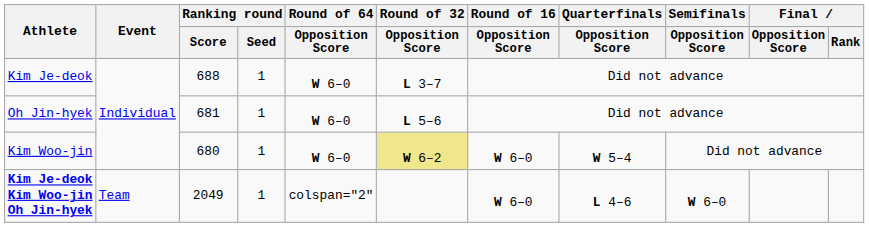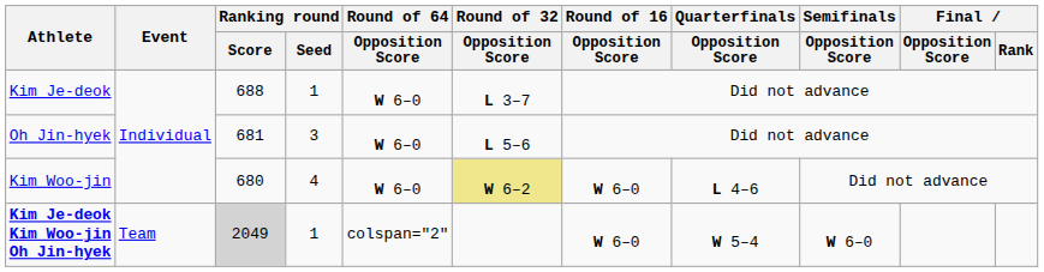 <table class="wikitable" style="font-size:90%; text-align:center">
 <tr>
 <th rowspan="2">Athlete</th>
 <th rowspan="2">Event</th>
 <th colspan="2">Ranking round</th>
 <th>Round of 64</th>
 <th>Round of 32</th>
 <th>Round of 16</th>
 <th>Quarterfinals</th>
 <th>Semifinals</th>
 <th colspan="2">Final / </th>
 </tr>
 <tr style="font-size:95%">
 <th>Score</th>
 <th>Seed</th>
 <th>Opposition<br>Score</th>
 <th>Opposition<br>Score</th>
 <th>Opposition<br>Score</th>
 <th>Opposition<br>Score</th>
 <th>Opposition<br>Score</th>
 <th>Opposition<br>Score</th>
 <th>Rank</th>
 </tr>
 <tr>
 <td style="text-align:left"><a href='#'>Kim Je-deok</a></td>
 <td rowspan="3" style="text-align:left"><a href='#'>Individual</a></td>
 <td>688</td>
 <td>1</td>
 <td><br><strong>W</strong> 6–0</td>
 <td><br><strong>L</strong> 3–7</td>
 <td colspan="5">Did not advance</td>
 </tr>
 <tr>
 <td style="text-align:left"><a href='#'>Oh Jin-hyek</a></td>
 <td>681</td>
-<td>1</td>
+<td>3</td>
 <td><br> <strong>W</strong> 6–0</td>
 <td><br><strong>L</strong> 5–6</td>
 <td colspan="5">Did not advance</td>
 </tr>
 <tr>
 <td style="text-align:left"><a href='#'>Kim Woo-jin</a></td>
 <td>680</td>
-<td>1</td>
+<td>4</td>
 <td><br><strong>W</strong> 6–0</td>
 <td style="background: khaki;"><br><strong>W</strong> 6–2</td>
 <td><br><strong>W</strong> 6–0</td>
-<td><br><strong>W</strong> 5–4</td>
+<td><br><strong>L</strong> 4–6</td>
 <td colspan="3">Did not advance</td>
 </tr>
 <tr>
 <td style="text-align:left"><strong><a href='#'>Kim Je-deok</a><br><a href='#'>Kim Woo-jin</a><br><a href='#'>Oh Jin-hyek</a></strong></td>
 <td style="text-align:left"><a href='#'>Team</a></td>
-<td>2049</td>
+<td style="background: lightgrey;">2049</td>
 <td>1</td>
 <td>colspan="2" </td>
 <td></td>
 <td><br><strong>W</strong> 6–0</td>
-<td><br><strong>L</strong> 4–6</td>
+<td><br><strong>W</strong> 5–4</td>
 <td><br><strong>W</strong> 6–0</td>
 <td></td>
 </tr>
 </table>
